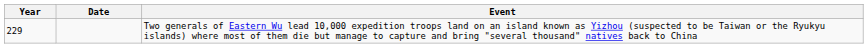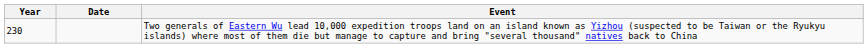 <table class="wikitable" style="width:100%;">
 <tr>
 <th style="width:6%">Year</th>
 <th style="width:10%">Date</th>
 <th>Event</th>
 </tr>
 <tr>
-<td>229</td>
+<td>230</td>
 <td></td>
 <td>Two generals of <a href='#'>Eastern Wu</a> lead 10,000 expedition troops land on an island known as <a href='#'>Yizhou</a> (suspected to be Taiwan or the Ryukyu islands) where most of them die but manage to capture and bring "several thousand" <a href='#'>natives</a> back to China </td>
 </tr>
 </table>
